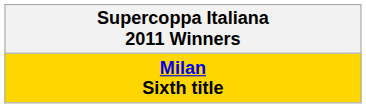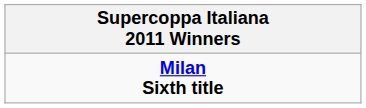 <table class="wikitable" style="text-align: center; margin: 0 auto; width: 20%">
 <tr>
 <th>Supercoppa Italiana <br>2011 Winners</th>
 </tr>
 <tr>
-<td style="background: gold;"><strong><a href='#'>Milan</a></strong><br><strong>Sixth title</strong></td>
+<td><strong><a href='#'>Milan</a></strong><br><strong>Sixth title</strong></td>
 </tr>
 </table>
